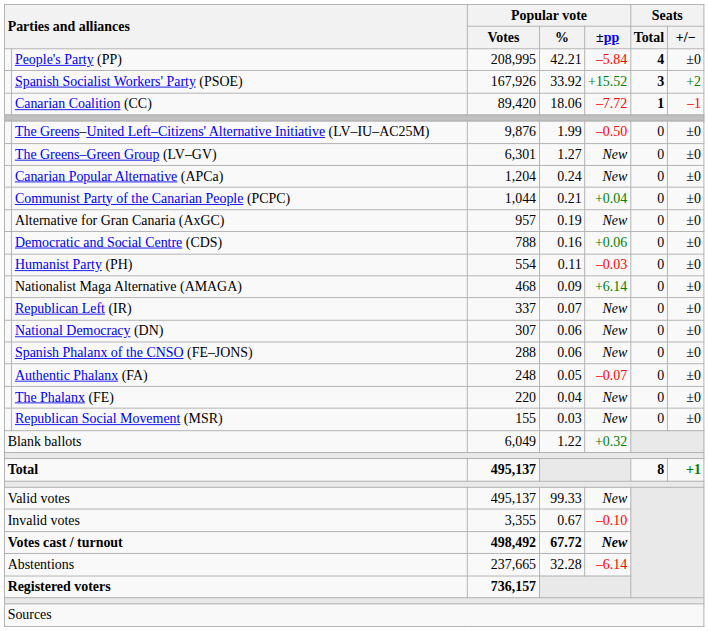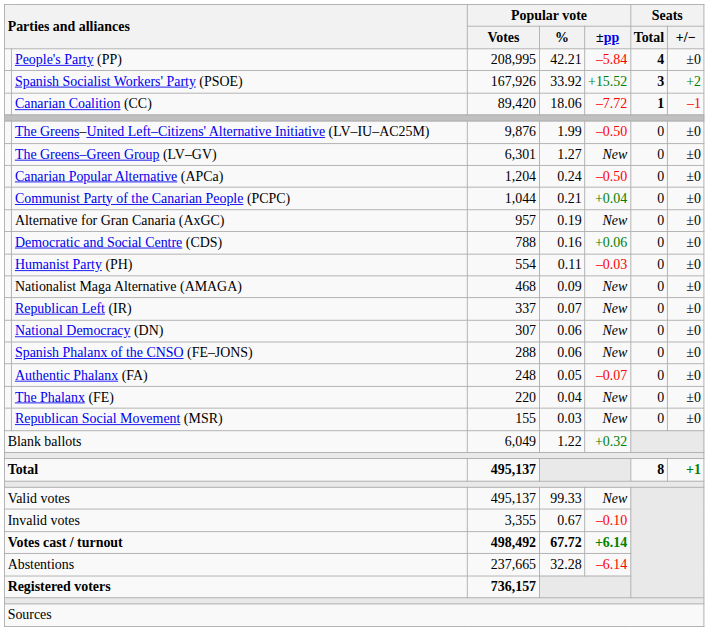 <table class="wikitable" style="text-align:right;">
 <tr>
 <th style="text-align:left;" rowspan="2" colspan="2" width="525">Parties and alliances</th>
 <th colspan="3">Popular vote</th>
 <th colspan="2">Seats</th>
 </tr>
 <tr>
 <th width="75">Votes</th>
 <th width="45">%</th>
 <th width="45">±<a href='#'>pp</a></th>
 <th width="35">Total</th>
 <th width="35">+/−</th>
 </tr>
 <tr>
 <td width="1" style="color:inherit;background:"></td>
 <td align="left"><a href='#'>People's Party</a> (PP)</td>
 <td>208,995</td>
 <td>42.21</td>
 <td style="color:red;">–5.84</td>
 <td><strong>4</strong></td>
 <td>±0</td>
 </tr>
 <tr>
 <td style="color:inherit;background:"></td>
 <td align="left"><a href='#'>Spanish Socialist Workers' Party</a> (PSOE)</td>
 <td>167,926</td>
 <td>33.92</td>
 <td style="color:green;">+15.52</td>
 <td><strong>3</strong></td>
 <td style="color:green;">+2</td>
 </tr>
 <tr>
 <td style="color:inherit;background:"></td>
 <td align="left"><a href='#'>Canarian Coalition</a> (CC)</td>
 <td>89,420</td>
 <td>18.06</td>
 <td style="color:red;">–7.72</td>
 <td><strong>1</strong></td>
 <td style="color:red;">–1</td>
 </tr>
 <tr>
 <td colspan="7" bgcolor="#C0C0C0"></td>
 </tr>
 <tr>
 <td style="color:inherit;background:"></td>
 <td align="left"><a href='#'>The Greens</a>–<a href='#'>United Left–Citizens' Alternative Initiative</a> (LV–IU–AC25M)</td>
 <td>9,876</td>
 <td>1.99</td>
 <td style="color:red;">–0.50</td>
 <td>0</td>
 <td>±0</td>
 </tr>
 <tr>
 <td style="color:inherit;background:"></td>
 <td align="left"><a href='#'>The Greens–Green Group</a> (LV–GV)</td>
 <td>6,301</td>
 <td>1.27</td>
 <td><em>New</em></td>
 <td>0</td>
 <td>±0</td>
 </tr>
 <tr>
 <td style="color:inherit;background:"></td>
 <td align="left"><a href='#'>Canarian Popular Alternative</a> (APCa)</td>
 <td>1,204</td>
 <td>0.24</td>
-<td><em>New</em></td>
+<td style="color:red;">–0.50</td>
 <td>0</td>
 <td>±0</td>
 </tr>
 <tr>
 <td style="color:inherit;background:"></td>
 <td align="left"><a href='#'>Communist Party of the Canarian People</a> (PCPC)</td>
 <td>1,044</td>
 <td>0.21</td>
 <td style="color:green;">+0.04</td>
 <td>0</td>
 <td>±0</td>
 </tr>
 <tr>
 <td style="color:inherit;background:"></td>
 <td align="left">Alternative for Gran Canaria (AxGC)</td>
 <td>957</td>
 <td>0.19</td>
 <td><em>New</em></td>
 <td>0</td>
 <td>±0</td>
 </tr>
 <tr>
 <td style="color:inherit;background:"></td>
 <td align="left"><a href='#'>Democratic and Social Centre</a> (CDS)</td>
 <td>788</td>
 <td>0.16</td>
 <td style="color:green;">+0.06</td>
 <td>0</td>
 <td>±0</td>
 </tr>
 <tr>
 <td style="color:inherit;background:"></td>
 <td align="left"><a href='#'>Humanist Party</a> (PH)</td>
 <td>554</td>
 <td>0.11</td>
 <td style="color:red;">–0.03</td>
 <td>0</td>
 <td>±0</td>
 </tr>
 <tr>
 <td style="color:inherit;background:"></td>
 <td align="left">Nationalist Maga Alternative (AMAGA)</td>
 <td>468</td>
 <td>0.09</td>
-<td style="color:green;">+6.14</td>
+<td><em>New</em></td>
 <td>0</td>
 <td>±0</td>
 </tr>
 <tr>
 <td style="color:inherit;background:"></td>
 <td align="left"><a href='#'>Republican Left</a> (IR)</td>
 <td>337</td>
 <td>0.07</td>
 <td><em>New</em></td>
 <td>0</td>
 <td>±0</td>
 </tr>
 <tr>
 <td style="color:inherit;background:"></td>
 <td align="left"><a href='#'>National Democracy</a> (DN)</td>
 <td>307</td>
 <td>0.06</td>
 <td><em>New</em></td>
 <td>0</td>
 <td>±0</td>
 </tr>
 <tr>
 <td style="color:inherit;background:"></td>
 <td align="left"><a href='#'>Spanish Phalanx of the CNSO</a> (FE–JONS)</td>
 <td>288</td>
 <td>0.06</td>
 <td><em>New</em></td>
 <td>0</td>
 <td>±0</td>
 </tr>
 <tr>
 <td style="color:inherit;background:"></td>
 <td align="left"><a href='#'>Authentic Phalanx</a> (FA)</td>
 <td>248</td>
 <td>0.05</td>
 <td style="color:red;">–0.07</td>
 <td>0</td>
 <td>±0</td>
 </tr>
 <tr>
 <td style="color:inherit;background:"></td>
 <td align="left"><a href='#'>The Phalanx</a> (FE)</td>
 <td>220</td>
 <td>0.04</td>
 <td><em>New</em></td>
 <td>0</td>
 <td>±0</td>
 </tr>
 <tr>
 <td style="color:inherit;background:"></td>
 <td align="left"><a href='#'>Republican Social Movement</a> (MSR)</td>
 <td>155</td>
 <td>0.03</td>
 <td><em>New</em></td>
 <td>0</td>
 <td>±0</td>
 </tr>
 <tr>
 <td align="left" colspan="2">Blank ballots</td>
 <td>6,049</td>
 <td>1.22</td>
 <td style="color:green;">+0.32</td>
 <td bgcolor="#E9E9E9" colspan="2"></td>
 </tr>
 <tr>
 <td colspan="7" bgcolor="#E9E9E9"></td>
 </tr>
 <tr style="font-weight:bold;">
 <td align="left" colspan="2">Total</td>
 <td>495,137</td>
 <td bgcolor="#E9E9E9" colspan="2"></td>
 <td>8</td>
 <td style="color:green;">+1</td>
 </tr>
 <tr>
 <td colspan="7" bgcolor="#E9E9E9"></td>
 </tr>
 <tr>
 <td align="left" colspan="2">Valid votes</td>
 <td>495,137</td>
 <td>99.33</td>
 <td><em>New</em></td>
 <td bgcolor="#E9E9E9" colspan="2" rowspan="5"></td>
 </tr>
 <tr>
 <td align="left" colspan="2">Invalid votes</td>
 <td>3,355</td>
 <td>0.67</td>
 <td style="color:red;">–0.10</td>
 </tr>
 <tr style="font-weight:bold;">
 <td align="left" colspan="2">Votes cast / turnout</td>
 <td>498,492</td>
 <td>67.72</td>
-<td><em>New</em></td>
+<td style="color:green;">+6.14</td>
 </tr>
 <tr>
 <td align="left" colspan="2">Abstentions</td>
 <td>237,665</td>
 <td>32.28</td>
 <td style="color:red;">–6.14</td>
 </tr>
 <tr style="font-weight:bold;">
 <td align="left" colspan="2">Registered voters</td>
 <td>736,157</td>
 <td bgcolor="#E9E9E9" colspan="2"></td>
 </tr>
 <tr>
 <td colspan="7" bgcolor="#E9E9E9"></td>
 </tr>
 <tr>
 <td align="left" colspan="7">Sources</td>
 </tr>
 </table>
